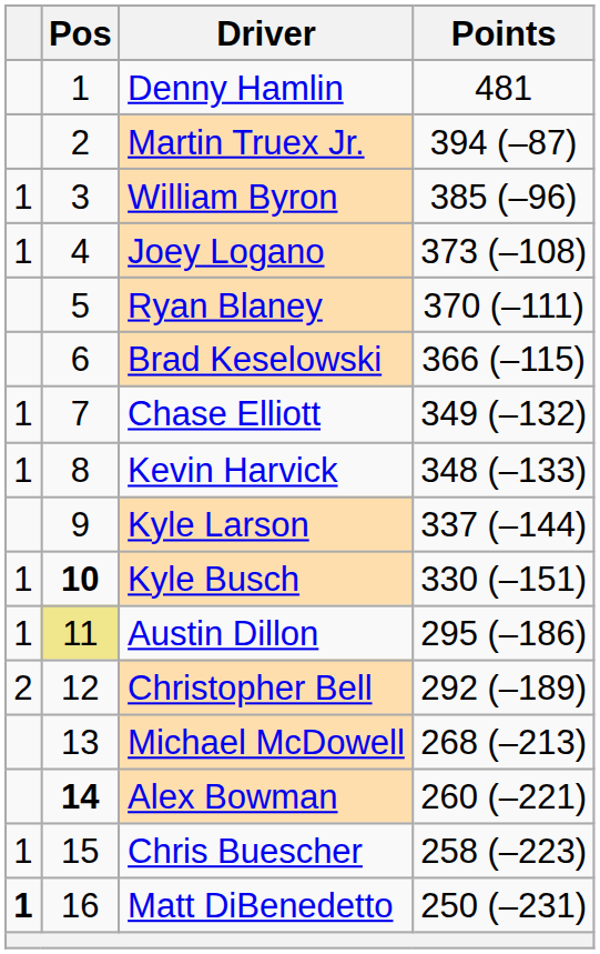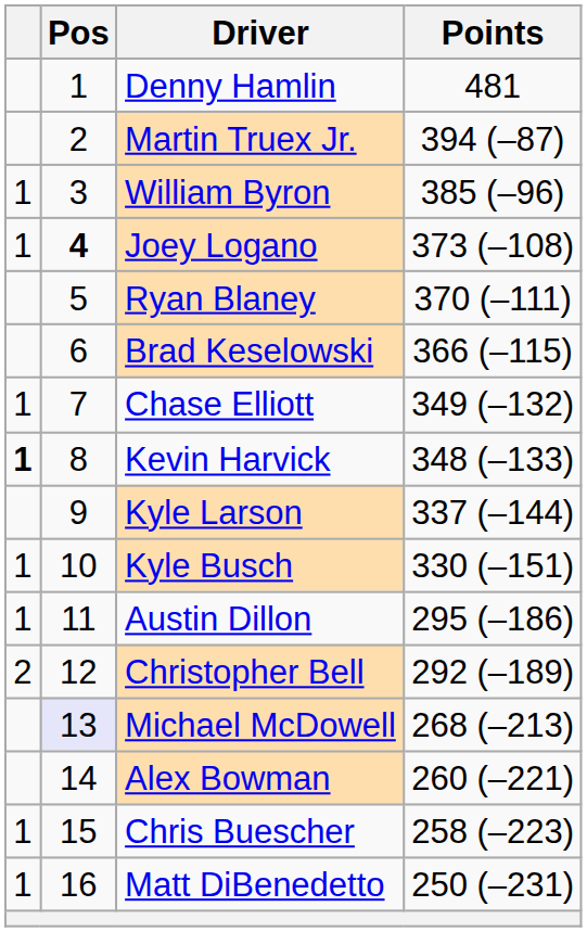 <table class="wikitable" style="font-size: 95%">
 <tr>
 <th></th>
 <th>Pos</th>
 <th>Driver</th>
 <th>Points</th>
 </tr>
 <tr>
 <td align="left"></td>
 <td style="text-align:center;">1</td>
 <td><a href='#'>Denny Hamlin</a></td>
 <td style="text-align:center;">481</td>
 </tr>
 <tr>
 <td align="left"></td>
 <td style="text-align:center;">2</td>
 <td style="background:#FFDEAD;"><a href='#'>Martin Truex Jr.</a></td>
 <td style="text-align:center;">394 (–87)</td>
 </tr>
 <tr>
 <td align="left"> 1</td>
 <td style="text-align:center;">3</td>
 <td style="background:#FFDEAD;"><a href='#'>William Byron</a></td>
 <td style="text-align:center;">385 (–96)</td>
 </tr>
 <tr>
 <td align="left"> 1</td>
-<td style="text-align:center;">4</td>
+<td style="text-align:center;"><strong>4</strong></td>
 <td style="background:#FFDEAD;"><a href='#'>Joey Logano</a></td>
 <td style="text-align:center;">373 (–108)</td>
 </tr>
 <tr>
 <td align="left"></td>
 <td style="text-align:center;">5</td>
 <td style="background:#FFDEAD;"><a href='#'>Ryan Blaney</a></td>
 <td style="text-align:center;">370 (–111)</td>
 </tr>
 <tr>
 <td align="left"></td>
 <td style="text-align:center;">6</td>
 <td style="background:#FFDEAD;"><a href='#'>Brad Keselowski</a></td>
 <td style="text-align:center;">366 (–115)</td>
 </tr>
 <tr>
 <td align="left"> 1</td>
 <td style="text-align:center;">7</td>
 <td><a href='#'>Chase Elliott</a></td>
 <td style="text-align:center;">349 (–132)</td>
 </tr>
 <tr>
-<td align="left"> 1</td>
+<td align="left"><strong> 1</strong></td>
 <td style="text-align:center;">8</td>
 <td><a href='#'>Kevin Harvick</a></td>
 <td style="text-align:center;">348 (–133)</td>
 </tr>
 <tr>
 <td align="left"></td>
 <td style="text-align:center;">9</td>
 <td style="background:#FFDEAD;"><a href='#'>Kyle Larson</a></td>
 <td style="text-align:center;">337 (–144)</td>
 </tr>
 <tr>
 <td align="left"> 1</td>
-<td style="text-align:center;"><strong>10</strong></td>
+<td style="text-align:center;">10</td>
 <td style="background:#FFDEAD;"><a href='#'>Kyle Busch</a></td>
 <td style="text-align:center;">330 (–151)</td>
 </tr>
 <tr>
 <td align="left"> 1</td>
-<td style="background: khaki; text-align:center;">11</td>
+<td style="text-align:center;">11</td>
 <td><a href='#'>Austin Dillon</a></td>
 <td style="text-align:center;">295 (–186)</td>
 </tr>
 <tr>
 <td align="left"> 2</td>
 <td style="text-align:center;">12</td>
 <td style="background:#FFDEAD;"><a href='#'>Christopher Bell</a></td>
 <td style="text-align:center;">292 (–189)</td>
 </tr>
 <tr>
 <td align="left"></td>
-<td style="text-align:center;">13</td>
+<td style="background: lavender; text-align:center;">13</td>
 <td style="background:#FFDEAD;"><a href='#'>Michael McDowell</a></td>
 <td style="text-align:center;">268 (–213)</td>
 </tr>
 <tr>
 <td align="left"></td>
-<td style="text-align:center;"><strong>14</strong></td>
+<td style="text-align:center;">14</td>
 <td style="background:#FFDEAD;"><a href='#'>Alex Bowman</a></td>
 <td style="text-align:center;">260 (–221)</td>
 </tr>
 <tr>
 <td align="left"> 1</td>
 <td style="text-align:center;">15</td>
 <td><a href='#'>Chris Buescher</a></td>
 <td style="text-align:center;">258 (–223)</td>
 </tr>
 <tr>
-<td align="left"><strong> 1</strong></td>
+<td align="left"> 1</td>
 <td style="text-align:center;">16</td>
 <td><a href='#'>Matt DiBenedetto</a></td>
 <td style="text-align:center;">250 (–231)</td>
 </tr>
 <tr class="sortbottom">
 <th colspan="9"></th>
 </tr>
 </table>
